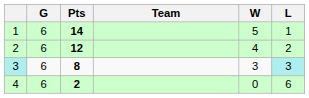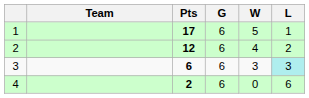 <table class=wikitable style="text-align:center">
 <tr bgcolor="#DCDCDC">
 <th width="25"></th>
+<th width="200">Team</th>
+<th width="40">Pts</th>
 <th width="40">G</th>
-<th width="40">Pts</th>
-<th width="200">Team</th>
 <th width="40">W</th>
 <th width="40">L</th>
 </tr>
 <tr bgcolor=#CCFFCC>
 <td>1</td>
+<td align=left></td>
+<td><strong>17</strong></td>
 <td>6</td>
-<td><strong>14</strong></td>
-<td align=left></td>
 <td>5</td>
 <td>1</td>
 </tr>
 <tr bgcolor=#CCFFCC>
 <td>2</td>
+<td align=left></td>
+<td><strong>12</strong></td>
 <td>6</td>
-<td><strong>12</strong></td>
-<td align=left></td>
 <td>4</td>
 <td>2</td>
 </tr>
 <tr>
-<td style="background: paleturquoise;">3</td>
+<td>3</td>
+<td align=left></td>
+<td><strong>6</strong></td>
 <td>6</td>
-<td><strong>8</strong></td>
-<td align=left></td>
 <td>3</td>
 <td style="background: paleturquoise;">3</td>
 </tr>
 <tr bgcolor=#CCFFCC>
 <td>4</td>
+<td align=left></td>
+<td><strong>2</strong></td>
 <td>6</td>
-<td><strong>2</strong></td>
-<td align=left></td>
 <td>0</td>
 <td>6</td>
 </tr>
 </table>
